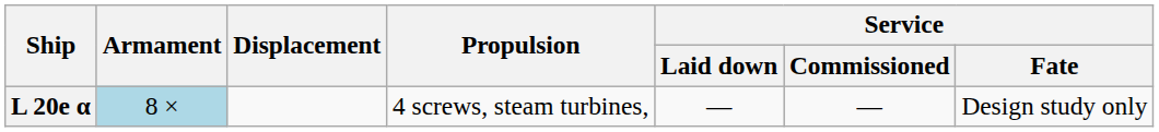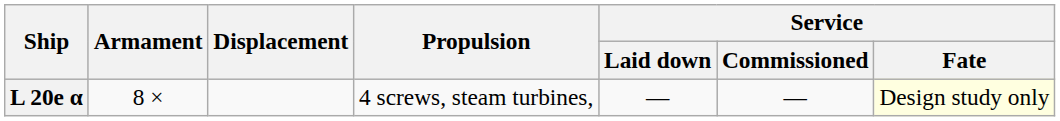 <table class="wikitable plainrowheaders" style="text-align: center;">
 <tr valign="center">
 <th scope="col" rowspan="2">Ship</th>
 <th scope="col" rowspan="2">Armament</th>
 <th scope="col" rowspan="2">Displacement</th>
 <th scope="col" rowspan="2">Propulsion</th>
 <th scope="col" colspan="3">Service</th>
 </tr>
 <tr valign="center">
 <th scope="col">Laid down</th>
 <th scope="col">Commissioned</th>
 <th scope="col">Fate</th>
 </tr>
 <tr valign="top">
 <th scope="row">L 20e α</th>
-<td style="background: lightblue;">8 × </td>
+<td>8 × </td>
 <td></td>
 <td>4 screws, steam turbines, </td>
 <td>—</td>
 <td>—</td>
-<td>Design study only</td>
+<td style="background: lightyellow;">Design study only</td>
 </tr>
 </table>
